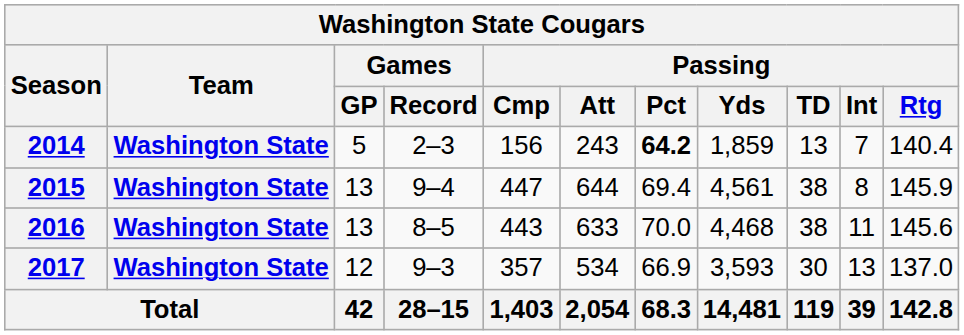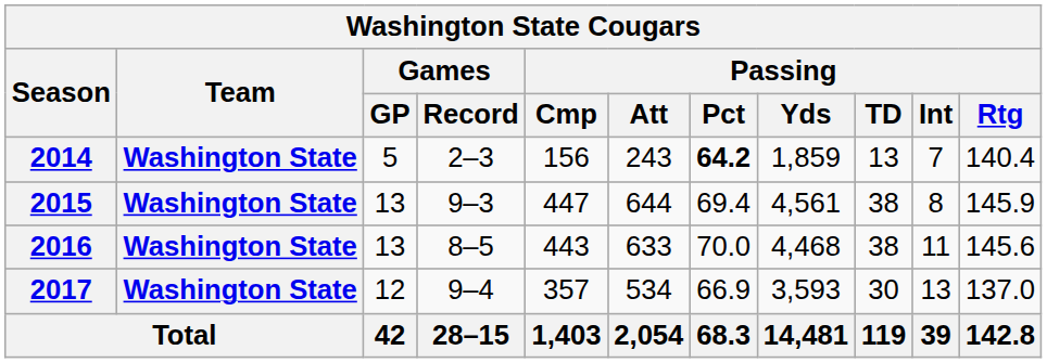 <table class="wikitable" style="text-align:center;">
 <tr>
 <th colspan="14">Washington State Cougars</th>
 </tr>
 <tr>
 <th rowspan="2">Season</th>
 <th rowspan="2">Team</th>
 <th colspan="2">Games</th>
 <th colspan="8">Passing</th>
 </tr>
 <tr>
 <th>GP</th>
 <th>Record</th>
 <th>Cmp</th>
 <th>Att</th>
 <th>Pct</th>
 <th>Yds</th>
 <th>TD</th>
 <th>Int</th>
 <th><a href='#'>Rtg</a></th>
 </tr>
 <tr>
 <th><a href='#'>2014</a></th>
 <th><a href='#'>Washington State</a></th>
 <td>5</td>
 <td>2–3</td>
 <td>156</td>
 <td>243</td>
 <td><strong>64.2</strong></td>
 <td>1,859</td>
 <td>13</td>
 <td>7</td>
 <td>140.4</td>
 </tr>
 <tr>
 <th><a href='#'>2015</a></th>
 <th><a href='#'>Washington State</a></th>
 <td>13</td>
-<td>9–4</td>
+<td>9–3</td>
 <td>447</td>
 <td>644</td>
 <td>69.4</td>
 <td>4,561</td>
 <td>38</td>
 <td>8</td>
 <td>145.9</td>
 </tr>
 <tr>
 <th><a href='#'>2016</a></th>
 <th><a href='#'>Washington State</a></th>
 <td>13</td>
 <td>8–5</td>
 <td>443</td>
 <td>633</td>
 <td>70.0</td>
 <td>4,468</td>
 <td>38</td>
 <td>11</td>
 <td>145.6</td>
 </tr>
 <tr>
 <th><a href='#'>2017</a></th>
 <th><a href='#'>Washington State</a></th>
 <td>12</td>
-<td>9–3</td>
+<td>9–4</td>
 <td>357</td>
 <td>534</td>
 <td>66.9</td>
 <td>3,593</td>
 <td>30</td>
 <td>13</td>
 <td>137.0</td>
 </tr>
 <tr>
 <th colspan="2">Total</th>
 <th>42</th>
 <th>28–15</th>
 <th>1,403</th>
 <th>2,054</th>
 <th>68.3</th>
 <th>14,481</th>
 <th>119</th>
 <th>39</th>
 <th>142.8</th>
 </tr>
 </table>
